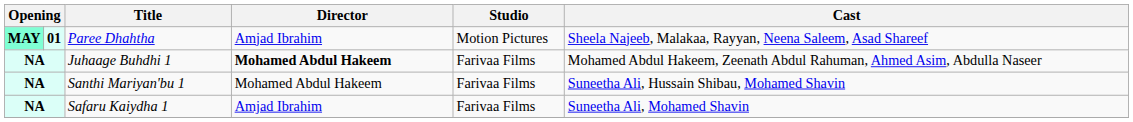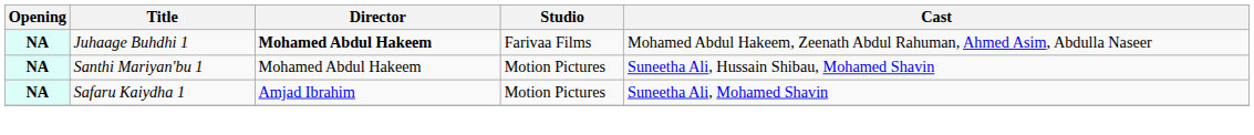 <table class="wikitable plainrowheaders" width="100%">
 <tr>
 <th scope="col" colspan="2" width=4%>Opening</th>
 <th scope="col" width=15%>Title</th>
 <th scope="col" width=20%>Director</th>
 <th scope="col" width=10%>Studio</th>
 <th scope="col" width=55%>Cast</th>
-</tr>
-<tr>
-<td style="text-align:center; background:#7FFFD4; textcolor:#000;"><strong>MAY</strong></td>
-<td style="text-align:center; background:#dbfff8;"><strong>01</strong></td>
-<td><em><a href='#'>Paree Dhahtha</a></em></td>
-<td><a href='#'>Amjad Ibrahim</a></td>
-<td>Motion Pictures</td>
-<td><a href='#'>Sheela Najeeb</a>, Malakaa, Rayyan, <a href='#'>Neena Saleem</a>, <a href='#'>Asad Shareef</a></td>
 </tr>
 <tr>
 <td colspan="2" style="text-align:center; background:#dbfff8;"><strong>NA</strong></td>
 <td><em>Juhaage Buhdhi 1</em></td>
 <td><strong>Mohamed Abdul Hakeem</strong></td>
 <td>Farivaa Films</td>
 <td>Mohamed Abdul Hakeem, Zeenath Abdul Rahuman, <a href='#'>Ahmed Asim</a>, Abdulla Naseer</td>
 </tr>
 <tr>
 <td colspan="2" style="text-align:center; background:#dbfff8;"><strong>NA</strong></td>
 <td><em>Santhi Mariyan'bu 1</em></td>
 <td>Mohamed Abdul Hakeem</td>
-<td>Farivaa Films</td>
+<td>Motion Pictures</td>
 <td><a href='#'>Suneetha Ali</a>, Hussain Shibau, <a href='#'>Mohamed Shavin</a></td>
 </tr>
 <tr>
 <td colspan="2" style="text-align:center; background:#dbfff8;"><strong>NA</strong></td>
 <td><em>Safaru Kaiydha 1</em></td>
 <td><a href='#'>Amjad Ibrahim</a></td>
-<td>Farivaa Films</td>
+<td>Motion Pictures</td>
 <td><a href='#'>Suneetha Ali</a>, <a href='#'>Mohamed Shavin</a></td>
 </tr>
 <tr>
 </tr>
 </table>
